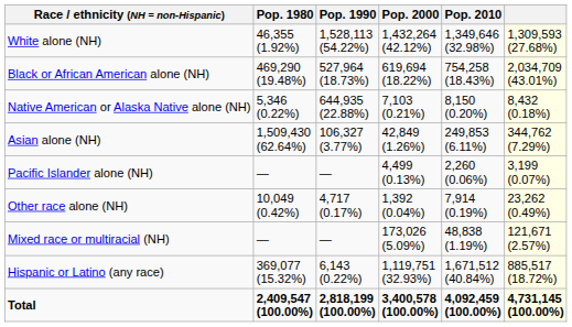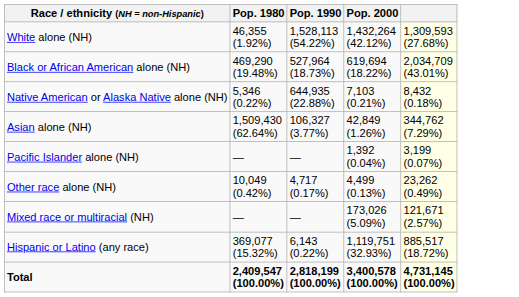 <table class="wikitable sortable collapsible" style="font-size: 95%;">
 <tr>
 <th>Race / ethnicity <small>(<em>NH = non-Hispanic</em>)</small></th>
 <th>Pop. 1980</th>
 <th>Pop. 1990</th>
 <th>Pop. 2000</th>
-<th>Pop. 2010</th>
 <th></th>
 </tr>
 <tr>
 <td><a href='#'>White</a> alone (NH)</td>
 <td>46,355<br>(1.92%)</td>
 <td>1,528,113<br>(54.22%)</td>
 <td>1,432,264<br>(42.12%)</td>
-<td>1,349,646<br>(32.98%)</td>
 <td style='background: #ffffe6;'>1,309,593<br>(27.68%)</td>
 </tr>
 <tr>
 <td><a href='#'>Black or African American</a> alone (NH)</td>
 <td>469,290<br>(19.48%)</td>
 <td>527,964<br>(18.73%)</td>
 <td>619,694<br>(18.22%)</td>
-<td>754,258<br>(18.43%)</td>
 <td style='background: #ffffe6;'>2,034,709<br>(43.01%)</td>
 </tr>
 <tr>
 <td><a href='#'>Native American</a> or <a href='#'>Alaska Native</a> alone (NH)</td>
 <td>5,346<br>(0.22%)</td>
 <td>644,935<br>(22.88%)</td>
 <td>7,103<br>(0.21%)</td>
-<td>8,150<br>(0.20%)</td>
 <td style='background: #ffffe6;'>8,432<br>(0.18%)</td>
 </tr>
 <tr>
 <td><a href='#'>Asian</a> alone (NH)</td>
 <td>1,509,430<br>(62.64%)</td>
 <td>106,327<br>(3.77%)</td>
 <td>42,849<br>(1.26%)</td>
-<td>249,853<br>(6.11%)</td>
 <td style='background: #ffffe6;'>344,762<br>(7.29%)</td>
 </tr>
 <tr>
 <td><a href='#'>Pacific Islander</a> alone (NH)</td>
 <td>—</td>
 <td>—</td>
-<td>4,499<br>(0.13%)</td>
-<td>2,260<br>(0.06%)</td>
+<td>1,392<br>(0.04%)</td>
 <td style='background: #ffffe6;'>3,199<br>(0.07%)</td>
 </tr>
 <tr>
 <td><a href='#'>Other race</a> alone (NH)</td>
 <td>10,049<br>(0.42%)</td>
 <td>4,717<br>(0.17%)</td>
-<td>1,392<br>(0.04%)</td>
-<td>7,914<br>(0.19%)</td>
+<td>4,499<br>(0.13%)</td>
 <td style='background: #ffffe6;'>23,262<br>(0.49%)</td>
 </tr>
 <tr>
 <td><a href='#'>Mixed race or multiracial</a> (NH)</td>
 <td>—</td>
 <td>—</td>
 <td>173,026<br>(5.09%)</td>
-<td>48,838<br>(1.19%)</td>
 <td style='background: #ffffe6;'>121,671<br>(2.57%)</td>
 </tr>
 <tr>
 <td><a href='#'>Hispanic or Latino</a> (any race)</td>
 <td>369,077<br>(15.32%)</td>
 <td>6,143<br>(0.22%)</td>
 <td>1,119,751<br>(32.93%)</td>
-<td>1,671,512<br>(40.84%)</td>
 <td style='background: #ffffe6;'>885,517<br>(18.72%)</td>
 </tr>
 <tr>
 <td><strong>Total</strong></td>
 <td><strong>2,409,547<br>(100.00%)</strong></td>
 <td><strong>2,818,199<br>(100.00%)</strong></td>
 <td><strong>3,400,578<br>(100.00%)</strong></td>
-<td><strong>4,092,459<br>(100.00%)</strong></td>
 <td style='background: #ffffe6;'><strong>4,731,145<br>(100.00%)</strong></td>
 </tr>
 </table>
